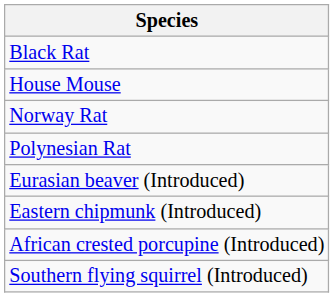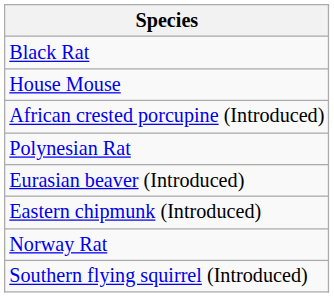 <table class="wikitable">
 <tr>
 <th>Species</th>
 </tr>
 <tr>
 <td><a href='#'>Black Rat</a></td>
 </tr>
 <tr>
 <td><a href='#'>House Mouse</a></td>
 </tr>
 <tr>
-<td><a href='#'>Norway Rat</a></td>
+<td><a href='#'>African crested porcupine</a> (Introduced)</td>
 </tr>
 <tr>
 <td><a href='#'>Polynesian Rat</a></td>
 </tr>
 <tr>
 <td><a href='#'>Eurasian beaver</a> (Introduced)</td>
 </tr>
 <tr>
 <td><a href='#'>Eastern chipmunk</a> (Introduced)</td>
 </tr>
 <tr>
-<td><a href='#'>African crested porcupine</a> (Introduced)</td>
+<td><a href='#'>Norway Rat</a></td>
 </tr>
 <tr>
 <td><a href='#'>Southern flying squirrel</a> (Introduced)</td>
 </tr>
 </table>
